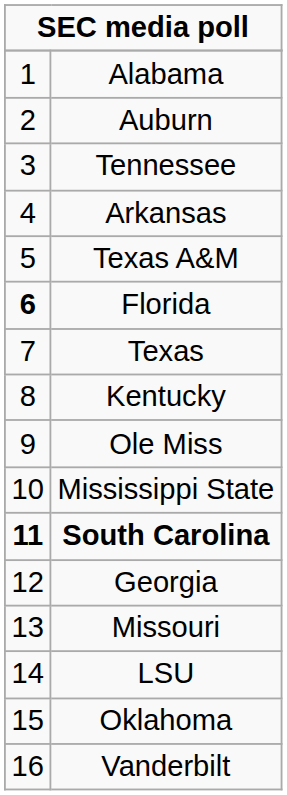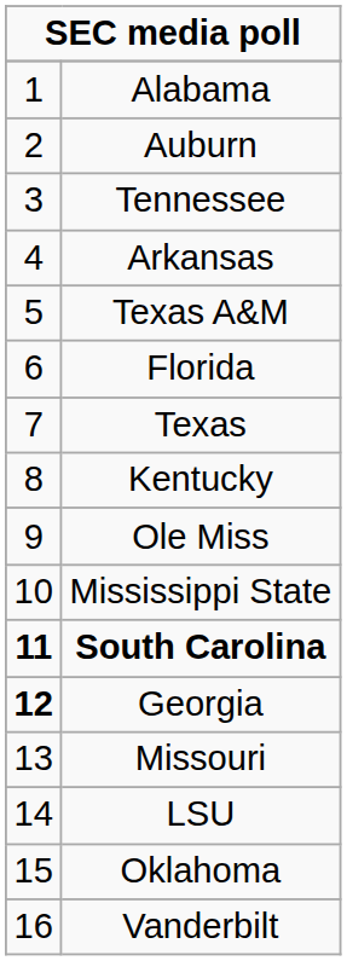 <table class="wikitable" style="display: inline-table;">
 <tr>
 <td align="center" Colspan="3"><strong>SEC media poll</strong></td>
 </tr>
 <tr align="center">
 </tr>
 <tr align="center">
 <td>1</td>
 <td>Alabama</td>
 </tr>
 <tr align="center">
 <td>2</td>
 <td>Auburn</td>
 </tr>
 <tr align="center">
 <td>3</td>
 <td>Tennessee</td>
 </tr>
 <tr align="center">
 <td>4</td>
 <td>Arkansas</td>
 </tr>
 <tr align="center">
 <td>5</td>
 <td>Texas A&M</td>
 </tr>
 <tr align="center">
-<td><strong>6</strong></td>
+<td>6</td>
 <td>Florida</td>
 </tr>
 <tr align="center">
 <td>7</td>
 <td>Texas</td>
 </tr>
 <tr align="center">
 <td>8</td>
 <td>Kentucky</td>
 </tr>
 <tr align="center">
 <td>9</td>
 <td>Ole Miss</td>
 </tr>
 <tr align="center">
 <td>10</td>
 <td>Mississippi State</td>
 </tr>
 <tr align="center">
 <td><strong>11</strong></td>
 <td><strong>South Carolina</strong></td>
 </tr>
 <tr align="center">
-<td>12</td>
+<td><strong>12</strong></td>
 <td>Georgia</td>
 </tr>
 <tr align="center">
 <td>13</td>
 <td>Missouri</td>
 </tr>
 <tr align="center">
 <td>14</td>
 <td>LSU</td>
 </tr>
 <tr align="center">
 <td>15</td>
 <td>Oklahoma</td>
 </tr>
 <tr align="center">
 <td>16</td>
 <td>Vanderbilt</td>
 </tr>
 </table>
